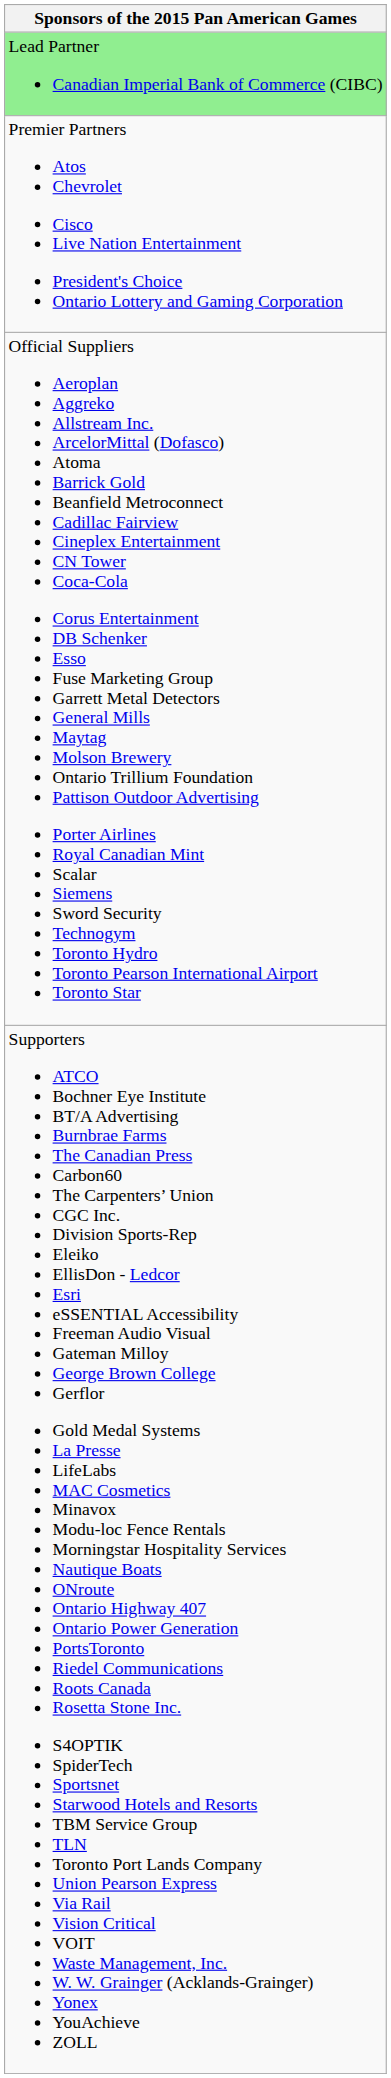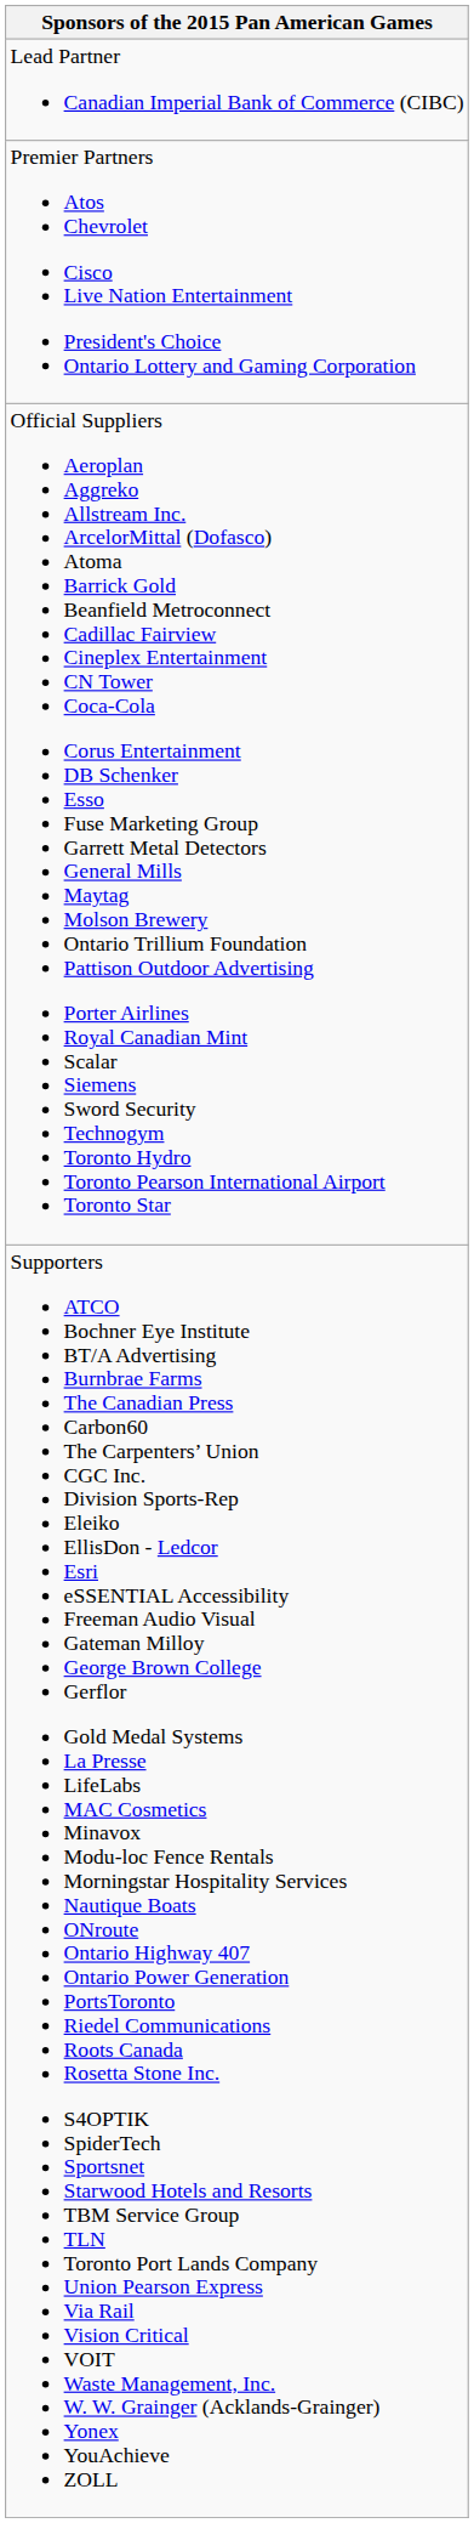 <table class="wikitable collapsible " style="float:center; margin:10px;">
 <tr>
 <th>Sponsors of the 2015 Pan American Games</th>
 </tr>
 <tr>
-<td style="background: lightgreen;">Lead Partner<br> <ul><li><a href='#'>Canadian Imperial Bank of Commerce</a> (CIBC)</li></ul></td>
+<td>Lead Partner<br> <ul><li><a href='#'>Canadian Imperial Bank of Commerce</a> (CIBC)</li></ul></td>
 </tr>
 <tr>
 <td>Premier Partners<br> <ul><li><a href='#'>Atos</a></li><li><a href='#'>Chevrolet</a></li></ul><ul><li><a href='#'>Cisco</a></li><li><a href='#'>Live Nation Entertainment</a></li></ul><ul><li><a href='#'>President's Choice</a></li><li><a href='#'>Ontario Lottery and Gaming Corporation</a></li></ul></td>
 </tr>
 <tr>
 <td>Official Suppliers<br> <ul><li><a href='#'>Aeroplan</a></li><li><a href='#'>Aggreko</a></li><li><a href='#'>Allstream Inc.</a></li><li><a href='#'>ArcelorMittal</a> (<a href='#'>Dofasco</a>)</li><li>Atoma</li><li><a href='#'>Barrick Gold</a></li><li>Beanfield Metroconnect</li><li><a href='#'>Cadillac Fairview</a></li><li><a href='#'>Cineplex Entertainment</a></li><li><a href='#'>CN Tower</a></li><li><a href='#'>Coca-Cola</a></li></ul><ul><li><a href='#'>Corus Entertainment</a></li><li><a href='#'>DB Schenker</a></li><li><a href='#'>Esso</a></li><li>Fuse Marketing Group</li><li>Garrett Metal Detectors</li><li><a href='#'>General Mills</a></li><li><a href='#'>Maytag</a></li><li><a href='#'>Molson Brewery</a></li><li>Ontario Trillium Foundation</li><li><a href='#'>Pattison Outdoor Advertising</a></li></ul><ul><li><a href='#'>Porter Airlines</a></li><li><a href='#'>Royal Canadian Mint</a></li><li>Scalar</li><li><a href='#'>Siemens</a></li><li>Sword Security</li><li><a href='#'>Technogym</a></li><li><a href='#'>Toronto Hydro</a></li><li><a href='#'>Toronto Pearson International Airport</a></li><li><a href='#'>Toronto Star</a></li></ul></td>
 </tr>
 <tr>
 <td>Supporters<br> <ul><li><a href='#'>ATCO</a></li><li>Bochner Eye Institute</li><li>BT/A Advertising</li><li><a href='#'>Burnbrae Farms</a></li><li><a href='#'>The Canadian Press</a></li><li>Carbon60</li><li>The Carpenters’ Union</li><li>CGC Inc.</li><li>Division Sports-Rep</li><li>Eleiko</li><li>EllisDon - <a href='#'>Ledcor</a></li><li><a href='#'>Esri</a></li><li>eSSENTIAL Accessibility</li><li>Freeman Audio Visual</li><li>Gateman Milloy</li><li><a href='#'>George Brown College</a></li><li>Gerflor</li></ul><ul><li>Gold Medal Systems</li><li><a href='#'>La Presse</a></li><li>LifeLabs</li><li><a href='#'>MAC Cosmetics</a></li><li>Minavox</li><li>Modu-loc Fence Rentals</li><li>Morningstar Hospitality Services</li><li><a href='#'>Nautique Boats</a></li><li><a href='#'>ONroute</a></li><li><a href='#'>Ontario Highway 407</a></li><li><a href='#'>Ontario Power Generation</a></li><li><a href='#'>PortsToronto</a></li><li><a href='#'>Riedel Communications</a></li><li><a href='#'>Roots Canada</a></li><li><a href='#'>Rosetta Stone Inc.</a></li></ul><ul><li>S4OPTIK</li><li>SpiderTech</li><li><a href='#'>Sportsnet</a></li><li><a href='#'>Starwood Hotels and Resorts</a></li><li>TBM Service Group</li><li><a href='#'>TLN</a></li><li>Toronto Port Lands Company</li><li><a href='#'>Union Pearson Express</a></li><li><a href='#'>Via Rail</a></li><li><a href='#'>Vision Critical</a></li><li>VOIT</li><li><a href='#'>Waste Management, Inc.</a></li><li><a href='#'>W. W. Grainger</a> (Acklands-Grainger)</li><li><a href='#'>Yonex</a></li><li>YouAchieve</li><li>ZOLL</li></ul></td>
 </tr>
 </table>
